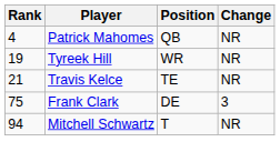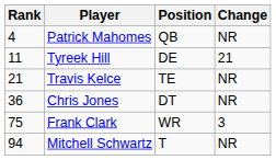 <table class="wikitable">
 <tr>
 <th>Rank</th>
 <th>Player</th>
 <th>Position</th>
 <th>Change</th>
 </tr>
 <tr>
 <td>4</td>
 <td><a href='#'>Patrick Mahomes</a></td>
 <td>QB</td>
 <td>NR</td>
 </tr>
 <tr>
-<td>19</td>
+<td>11</td>
 <td><a href='#'>Tyreek Hill</a></td>
-<td>WR</td>
-<td>NR</td>
+<td>DE</td>
+<td> 21</td>
 </tr>
 <tr>
 <td>21</td>
 <td><a href='#'>Travis Kelce</a></td>
 <td>TE</td>
 <td>NR</td>
 </tr>
 <tr>
+<td>36</td>
+<td><a href='#'>Chris Jones</a></td>
+<td>DT</td>
+<td>NR</td>
+</tr>
+<tr>
 <td>75</td>
 <td><a href='#'>Frank Clark</a></td>
-<td>DE</td>
+<td>WR</td>
 <td> 3</td>
 </tr>
 <tr>
 <td>94</td>
 <td><a href='#'>Mitchell Schwartz</a></td>
 <td>T</td>
 <td>NR</td>
 </tr>
 </table>
